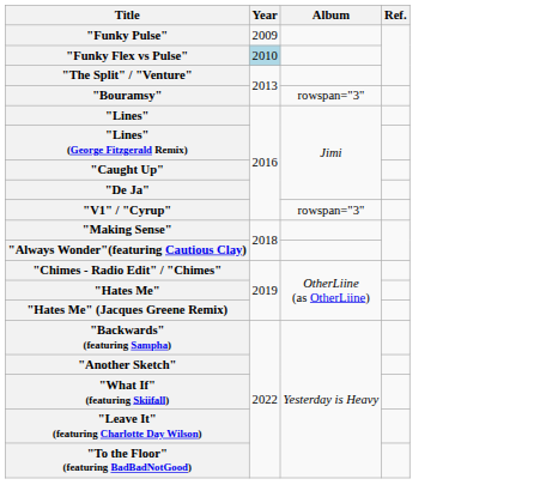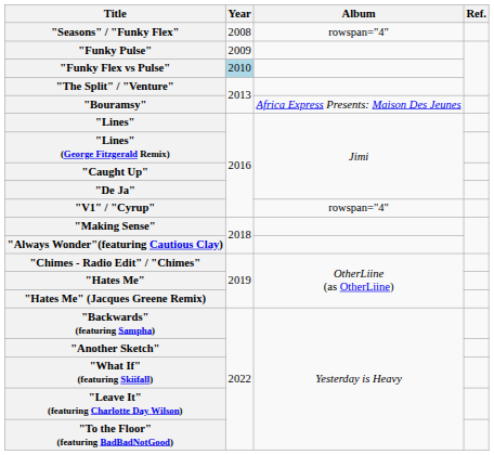 <table class="wikitable plainrowheaders" style="text-align:center;">
 <tr>
 <th scope="col">Title</th>
 <th scope="col">Year</th>
 <th scope="col">Album</th>
 <th>Ref.</th>
+</tr>
+<tr>
+<th scope="row">"Seasons" / "Funky Flex"</th>
+<td>2008</td>
+<td>rowspan="4" </td>
+<td></td>
 </tr>
 <tr>
 <th scope="row">"Funky Pulse"</th>
 <td>2009</td>
 <td></td>
 </tr>
 <tr>
 <th scope="row">"Funky Flex vs Pulse"</th>
 <td style="background: lightblue;">2010</td>
 <td></td>
 </tr>
 <tr>
 <th scope="row">"The Split" / "Venture"</th>
 <td rowspan="2">2013</td>
 <td></td>
 </tr>
 <tr>
 <th scope="row">"Bouramsy"</th>
-<td>rowspan="3" </td>
+<td><em><a href='#'>Africa Express</a> Presents: <a href='#'>Maison Des Jeunes</a></em></td>
 <td></td>
 </tr>
 <tr>
 <th scope="row">"Lines"</th>
 <td rowspan="5">2016</td>
 <td rowspan="4"><em>Jimi</em></td>
 <td></td>
 </tr>
 <tr>
 <th scope="row">"Lines"<br><small>(<a href='#'>George Fitzgerald</a> Remix)</small></th>
 <td></td>
 </tr>
 <tr>
 <th scope="row">"Caught Up"</th>
 <td></td>
 </tr>
 <tr>
 <th scope="row">"De Ja"</th>
 <td></td>
 </tr>
 <tr>
 <th scope="row">"V1" / "Cyrup"</th>
-<td>rowspan="3" </td>
+<td>rowspan="4" </td>
 <td></td>
 </tr>
 <tr>
 <th scope="row">"Making Sense"</th>
 <td rowspan="2">2018</td>
 <td></td>
 </tr>
 <tr>
 <th scope="row">"Always Wonder"(featuring <a href='#'>Cautious Clay</a>)</th>
 <td></td>
 </tr>
 <tr>
 <th scope="row">"Chimes - Radio Edit" / "Chimes"</th>
 <td rowspan="3">2019</td>
 <td rowspan="3"><em>OtherLiine</em><br>(as <a href='#'>OtherLiine</a>)</td>
 <td></td>
 </tr>
 <tr>
 <th scope="row">"Hates Me"</th>
 <td></td>
 </tr>
 <tr>
 <th scope="row">"Hates Me" (Jacques Greene Remix)</th>
 <td></td>
 </tr>
 <tr>
 <th scope="row">"Backwards"<br><small>(featuring <a href='#'>Sampha</a>)</small></th>
 <td rowspan="5">2022</td>
 <td rowspan="5"><em>Yesterday is Heavy</em></td>
 <td></td>
 </tr>
 <tr>
 <th scope="row">"Another Sketch"</th>
 <td></td>
 </tr>
 <tr>
 <th scope="row">"What If"<br><small>(featuring <a href='#'>Skiifall</a>)</small></th>
 <td></td>
 </tr>
 <tr>
 <th scope="row">"Leave It"<br><small>(featuring <a href='#'>Charlotte Day Wilson</a>)</small></th>
 <td></td>
 </tr>
 <tr>
 <th scope="row">"To the Floor"<br><small>(featuring <a href='#'>BadBadNotGood</a>)</small></th>
 <td></td>
 </tr>
 </table>
